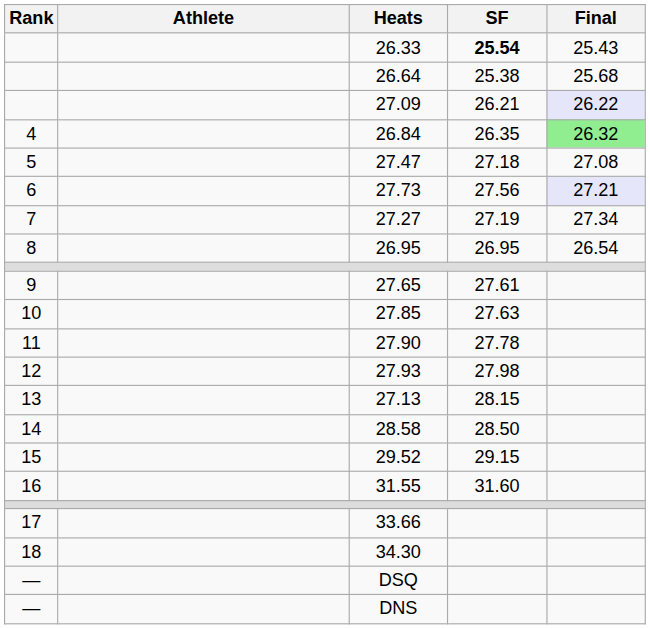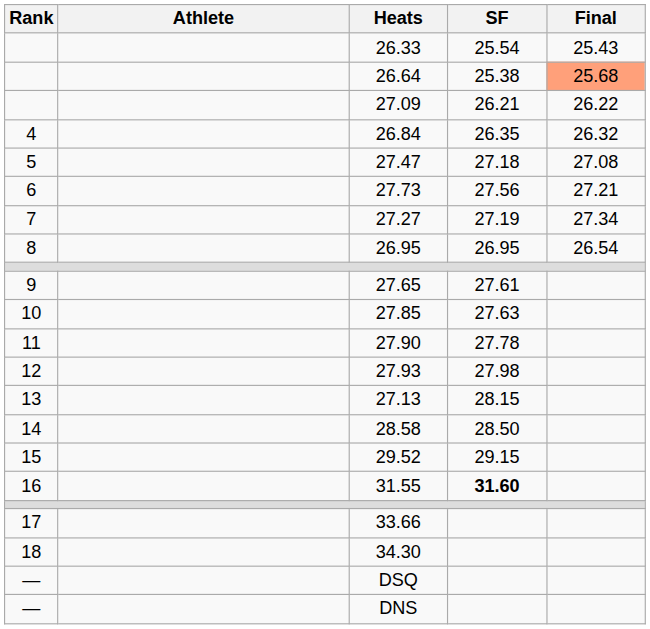 <table class=wikitable style="text-align:center">
 <tr>
 <th width=40>Rank</th>
 <th width=250>Athlete</th>
 <th width=80>Heats</th>
 <th width=80>SF</th>
 <th width=80>Final</th>
 </tr>
 <tr>
 <td></td>
 <td align=left></td>
 <td>26.33</td>
-<td><strong>25.54</strong></td>
+<td>25.54</td>
 <td>25.43</td>
 </tr>
 <tr>
 <td></td>
 <td align=left></td>
 <td>26.64</td>
 <td>25.38</td>
-<td>25.68</td>
+<td style="background: lightsalmon;">25.68</td>
 </tr>
 <tr>
 <td></td>
 <td align=left></td>
 <td>27.09</td>
 <td>26.21</td>
-<td style="background: lavender;">26.22</td>
+<td>26.22</td>
 </tr>
 <tr>
 <td>4</td>
 <td align=left></td>
 <td>26.84</td>
 <td>26.35</td>
-<td style="background: lightgreen;">26.32</td>
+<td>26.32</td>
 </tr>
 <tr>
 <td>5</td>
 <td align=left></td>
 <td>27.47</td>
 <td>27.18</td>
 <td>27.08</td>
 </tr>
 <tr>
 <td>6</td>
 <td align=left></td>
 <td>27.73</td>
 <td>27.56</td>
-<td style="background: lavender;">27.21</td>
+<td>27.21</td>
 </tr>
 <tr>
 <td>7</td>
 <td align=left></td>
 <td>27.27</td>
 <td>27.19</td>
 <td>27.34</td>
 </tr>
 <tr>
 <td>8</td>
 <td align=left></td>
 <td>26.95</td>
 <td>26.95</td>
 <td>26.54</td>
 </tr>
 <tr bgcolor=#DDDDDD>
 <td colspan=5></td>
 </tr>
 <tr>
 <td>9</td>
 <td align=left></td>
 <td>27.65</td>
 <td>27.61</td>
 <td></td>
 </tr>
 <tr>
 <td>10</td>
 <td align=left></td>
 <td>27.85</td>
 <td>27.63</td>
 <td></td>
 </tr>
 <tr>
 <td>11</td>
 <td align=left></td>
 <td>27.90</td>
 <td>27.78</td>
 <td></td>
 </tr>
 <tr>
 <td>12</td>
 <td align=left></td>
 <td>27.93</td>
 <td>27.98</td>
 <td></td>
 </tr>
 <tr>
 <td>13</td>
 <td align=left></td>
 <td>27.13</td>
 <td>28.15</td>
 <td></td>
 </tr>
 <tr>
 <td>14</td>
 <td align=left></td>
 <td>28.58</td>
 <td>28.50</td>
 <td></td>
 </tr>
 <tr>
 <td>15</td>
 <td align=left></td>
 <td>29.52</td>
 <td>29.15</td>
 <td></td>
 </tr>
 <tr>
 <td>16</td>
 <td align=left></td>
 <td>31.55</td>
-<td>31.60</td>
+<td><strong>31.60</strong></td>
 <td></td>
 </tr>
 <tr bgcolor=#DDDDDD>
 <td colspan=5></td>
 </tr>
 <tr>
 <td>17</td>
 <td align=left></td>
 <td>33.66</td>
 <td></td>
 <td></td>
 </tr>
 <tr>
 <td>18</td>
 <td align=left></td>
 <td>34.30</td>
 <td></td>
 <td></td>
 </tr>
 <tr>
 <td>—</td>
 <td align=left></td>
 <td>DSQ</td>
 <td></td>
 <td></td>
 </tr>
 <tr>
 <td>—</td>
 <td align=left></td>
 <td>DNS</td>
 <td></td>
 <td></td>
 </tr>
 </table>
